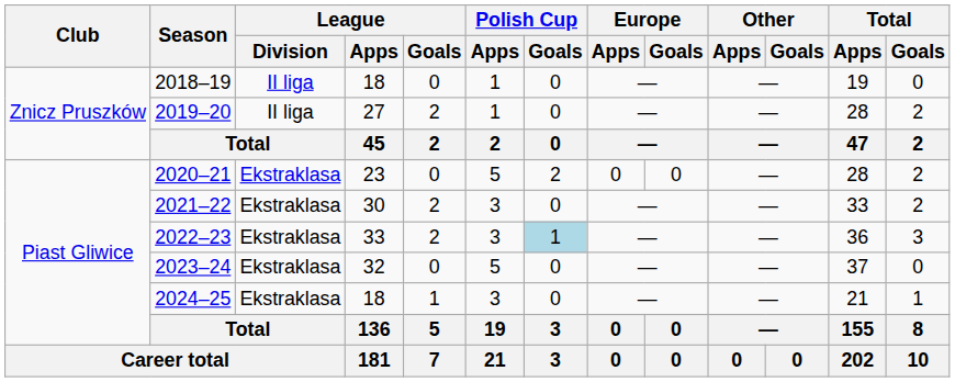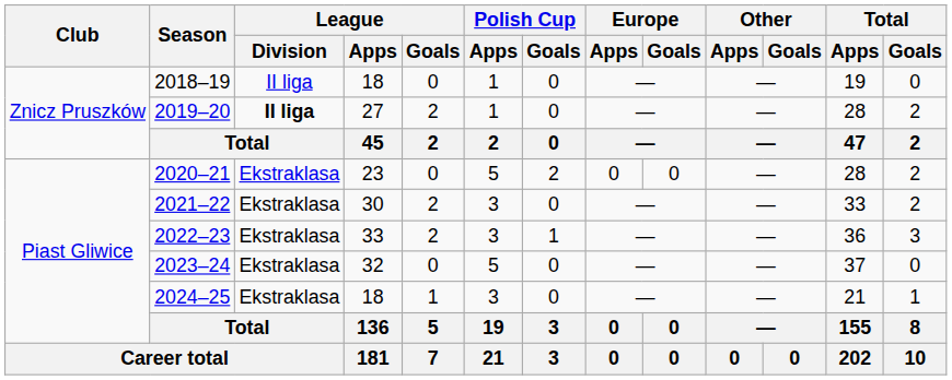 <table class="wikitable" style="text-align: center;">
 <tr>
 <th rowspan="2">Club</th>
 <th rowspan="2">Season</th>
 <th colspan="3">League</th>
 <th colspan="2"><a href='#'>Polish Cup</a></th>
 <th colspan="2">Europe</th>
 <th colspan="2">Other</th>
 <th colspan="2">Total</th>
 </tr>
 <tr>
 <th>Division</th>
 <th>Apps</th>
 <th>Goals</th>
 <th>Apps</th>
 <th>Goals</th>
 <th>Apps</th>
 <th>Goals</th>
 <th>Apps</th>
 <th>Goals</th>
 <th>Apps</th>
 <th>Goals</th>
 </tr>
 <tr>
 <td rowspan="3"><a href='#'>Znicz Pruszków</a></td>
 <td>2018–19</td>
 <td><a href='#'>II liga</a></td>
 <td>18</td>
 <td>0</td>
 <td>1</td>
 <td>0</td>
 <td colspan="2">—</td>
 <td colspan="2">—</td>
 <td>19</td>
 <td>0</td>
 </tr>
 <tr>
 <td><a href='#'>2019–20</a></td>
-<td>II liga</td>
+<td><strong>II liga</strong></td>
 <td>27</td>
 <td>2</td>
 <td>1</td>
 <td>0</td>
 <td colspan="2">—</td>
 <td colspan="2">—</td>
 <td>28</td>
 <td>2</td>
 </tr>
 <tr>
 <th colspan="2">Total</th>
 <th>45</th>
 <th>2</th>
 <th>2</th>
 <th>0</th>
 <th colspan="2">—</th>
 <th colspan="2">—</th>
 <th>47</th>
 <th>2</th>
 </tr>
 <tr>
 <td rowspan="6"><a href='#'>Piast Gliwice</a></td>
 <td><a href='#'>2020–21</a></td>
 <td><a href='#'>Ekstraklasa</a></td>
 <td>23</td>
 <td>0</td>
 <td>5</td>
 <td>2</td>
 <td>0</td>
 <td>0</td>
 <td colspan="2">—</td>
 <td>28</td>
 <td>2</td>
 </tr>
 <tr>
 <td><a href='#'>2021–22</a></td>
 <td>Ekstraklasa</td>
 <td>30</td>
 <td>2</td>
 <td>3</td>
 <td>0</td>
 <td colspan="2">—</td>
 <td colspan="2">—</td>
 <td>33</td>
 <td>2</td>
 </tr>
 <tr>
 <td><a href='#'>2022–23</a></td>
 <td>Ekstraklasa</td>
 <td>33</td>
 <td>2</td>
 <td>3</td>
-<td style="background: lightblue;">1</td>
+<td>1</td>
 <td colspan="2">—</td>
 <td colspan="2">—</td>
 <td>36</td>
 <td>3</td>
 </tr>
 <tr>
 <td><a href='#'>2023–24</a></td>
 <td>Ekstraklasa</td>
 <td>32</td>
 <td>0</td>
 <td>5</td>
 <td>0</td>
 <td colspan="2">—</td>
 <td colspan="2">—</td>
 <td>37</td>
 <td>0</td>
 </tr>
 <tr>
 <td><a href='#'>2024–25</a></td>
 <td>Ekstraklasa</td>
 <td>18</td>
 <td>1</td>
 <td>3</td>
 <td>0</td>
 <td colspan="2">—</td>
 <td colspan="2">—</td>
 <td>21</td>
 <td>1</td>
 </tr>
 <tr>
 <th colspan="2">Total</th>
 <th>136</th>
 <th>5</th>
 <th>19</th>
 <th>3</th>
 <th>0</th>
 <th>0</th>
 <th colspan="2">—</th>
 <th>155</th>
 <th>8</th>
 </tr>
 <tr>
 <th colspan="3">Career total</th>
 <th>181</th>
 <th>7</th>
 <th>21</th>
 <th>3</th>
 <th>0</th>
 <th>0</th>
 <th>0</th>
 <th>0</th>
 <th>202</th>
 <th>10</th>
 </tr>
 </table>
